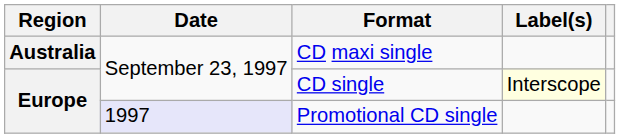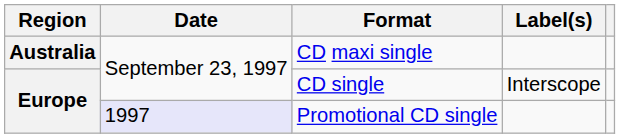 <table class="wikitable plainrowheaders">
 <tr>
 <th scope="col">Region</th>
 <th scope="col">Date</th>
 <th scope="col">Format</th>
 <th scope="col">Label(s)</th>
 <th scope="col"></th>
 </tr>
 <tr>
 <th scope="row">Australia</th>
 <td rowspan="2">September 23, 1997</td>
 <td><a href='#'>CD</a> <a href='#'>maxi single</a></td>
 <td></td>
 <td style="text-align:center;"></td>
 </tr>
 <tr>
 <th scope="row" rowspan="2">Europe</th>
 <td><a href='#'>CD single</a></td>
-<td style="background: lightyellow;">Interscope</td>
+<td>Interscope</td>
 <td style="text-align:center;"></td>
 </tr>
 <tr>
 <td style="background: lavender;">1997</td>
 <td><a href='#'>Promotional CD single</a></td>
 <td></td>
 <td style="text-align:center;"></td>
 </tr>
 </table>
